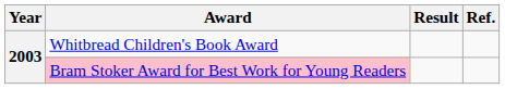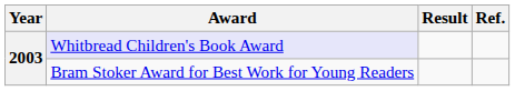 <table class="wikitable sortable mw-collapsible">
 <tr>
 <th>Year</th>
 <th>Award</th>
 <th>Result</th>
 <th>Ref.</th>
 </tr>
 <tr>
 <th rowspan="2">2003</th>
-<td><a href='#'>Whitbread Children's Book Award</a></td>
+<td style="background: lavender;"><a href='#'>Whitbread Children's Book Award</a></td>
 <td></td>
 <td></td>
 </tr>
 <tr>
-<td style="background: pink;"><a href='#'>Bram Stoker Award for Best Work for Young Readers</a></td>
+<td><a href='#'>Bram Stoker Award for Best Work for Young Readers</a></td>
 <td></td>
 <td></td>
 </tr>
 </table>
